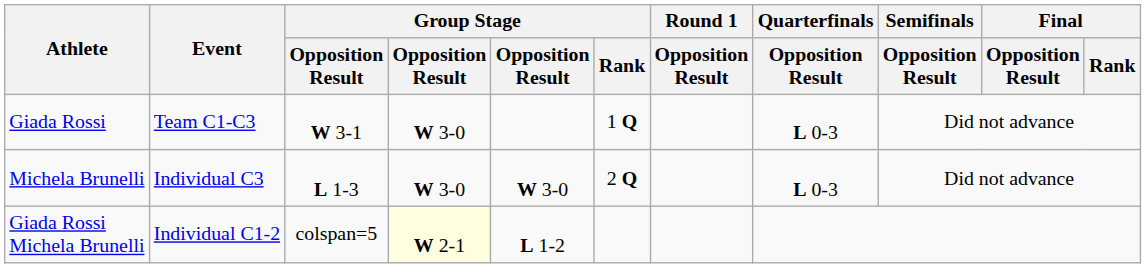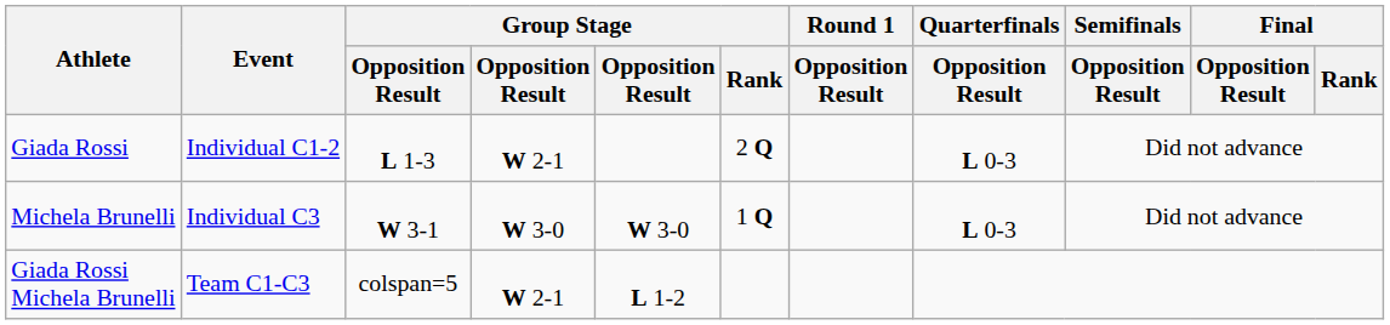 <table class=wikitable style="font-size:90%">
 <tr>
 <th rowspan="2">Athlete</th>
 <th rowspan="2">Event</th>
 <th colspan="4">Group Stage</th>
 <th>Round 1</th>
 <th>Quarterfinals</th>
 <th>Semifinals</th>
 <th colspan="2">Final</th>
 </tr>
 <tr>
 <th>Opposition<br>Result</th>
 <th>Opposition<br>Result</th>
 <th>Opposition<br>Result</th>
 <th>Rank</th>
 <th>Opposition<br>Result</th>
 <th>Opposition<br>Result</th>
 <th>Opposition<br>Result</th>
 <th>Opposition<br>Result</th>
 <th>Rank</th>
 </tr>
 <tr align=center>
 <td align=left><a href='#'>Giada Rossi</a></td>
-<td align=left><a href='#'>Team C1-C3</a></td>
-<td><br><strong>W</strong> 3-1</td>
-<td><br><strong>W</strong> 3-0</td>
+<td align=left><a href='#'>Individual C1-2</a></td>
+<td><br><strong>L</strong> 1-3</td>
+<td><br><strong>W</strong> 2-1</td>
 <td></td>
-<td>1 <strong>Q</strong></td>
+<td>2 <strong>Q</strong></td>
 <td></td>
 <td><br><strong>L</strong> 0-3</td>
 <td colspan=3>Did not advance</td>
 </tr>
 <tr align=center>
 <td align=left><a href='#'>Michela Brunelli</a></td>
 <td align=left><a href='#'>Individual C3</a></td>
-<td><br><strong>L</strong> 1-3</td>
+<td><br><strong>W</strong> 3-1</td>
 <td><br><strong>W</strong> 3-0</td>
 <td><br><strong>W</strong> 3-0</td>
-<td>2 <strong>Q</strong></td>
+<td>1 <strong>Q</strong></td>
 <td></td>
 <td><br><strong>L</strong> 0-3</td>
 <td colspan=3>Did not advance</td>
 </tr>
 <tr align=center>
 <td align=left><a href='#'>Giada Rossi</a><br><a href='#'>Michela Brunelli</a></td>
-<td align=left><a href='#'>Individual C1-2</a></td>
+<td align=left><a href='#'>Team C1-C3</a></td>
 <td>colspan=5 </td>
-<td style="background: lightyellow;"><br><strong>W</strong> 2-1</td>
+<td><br><strong>W</strong> 2-1</td>
 <td><br><strong>L</strong> 1-2</td>
 <td></td>
 <td></td>
 </tr>
 </table>
